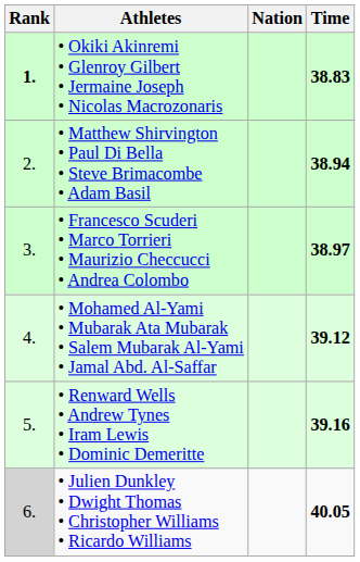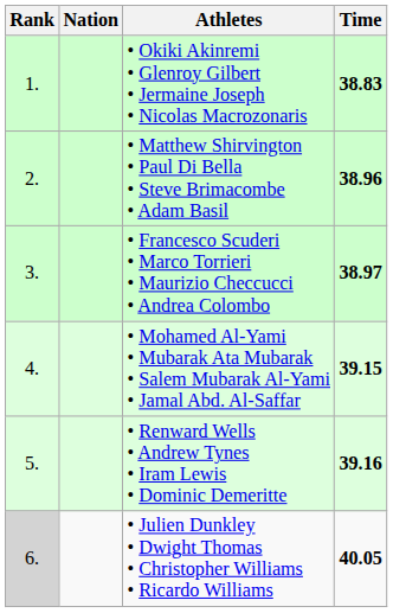 <table class="wikitable" style="text-align:center">
 <tr>
 <th>Rank</th>
+<th>Nation</th>
 <th>Athletes</th>
-<th>Nation</th>
 <th>Time</th>
 </tr>
 <tr style="background:#ccffcc;">
-<td><strong>1.</strong></td>
+<td>1.</td>
+<td align=left></td>
 <td align=left>• <a href='#'>Okiki Akinremi</a><br>• <a href='#'>Glenroy Gilbert</a><br>• <a href='#'>Jermaine Joseph</a><br>• <a href='#'>Nicolas Macrozonaris</a></td>
-<td align=left></td>
 <td><strong>38.83</strong></td>
 </tr>
 <tr style="background:#ccffcc;">
 <td>2.</td>
+<td align=left></td>
 <td align=left>• <a href='#'>Matthew Shirvington</a><br>• <a href='#'>Paul Di Bella</a><br>• <a href='#'>Steve Brimacombe</a><br>• <a href='#'>Adam Basil</a></td>
-<td align=left></td>
-<td><strong>38.94</strong></td>
+<td><strong>38.96</strong></td>
 </tr>
 <tr style="background:#ccffcc;">
 <td>3.</td>
+<td align=left></td>
 <td align=left>• <a href='#'>Francesco Scuderi</a><br>• <a href='#'>Marco Torrieri</a><br>• <a href='#'>Maurizio Checcucci</a><br>• <a href='#'>Andrea Colombo</a></td>
-<td align=left></td>
 <td><strong>38.97</strong></td>
 </tr>
 <tr style="background:#ddffdd;">
 <td>4.</td>
+<td align=left></td>
 <td align=left>• <a href='#'>Mohamed Al-Yami</a><br>• <a href='#'>Mubarak Ata Mubarak</a><br>• <a href='#'>Salem Mubarak Al-Yami</a><br>• <a href='#'>Jamal Abd. Al-Saffar</a></td>
-<td align=left></td>
-<td><strong>39.12</strong></td>
+<td><strong>39.15</strong></td>
 </tr>
 <tr style="background:#ddffdd;">
 <td>5.</td>
+<td align=left></td>
 <td align=left>• <a href='#'>Renward Wells</a><br>• <a href='#'>Andrew Tynes</a><br>• <a href='#'>Iram Lewis</a><br>• <a href='#'>Dominic Demeritte</a></td>
-<td align=left></td>
 <td><strong>39.16</strong></td>
 </tr>
 <tr>
 <td style="background: lightgrey;">6.</td>
+<td align=left></td>
 <td align=left>• <a href='#'>Julien Dunkley</a><br>• <a href='#'>Dwight Thomas</a><br>• <a href='#'>Christopher Williams</a><br>• <a href='#'>Ricardo Williams</a></td>
-<td align=left></td>
 <td><strong>40.05</strong></td>
 </tr>
 </table>
